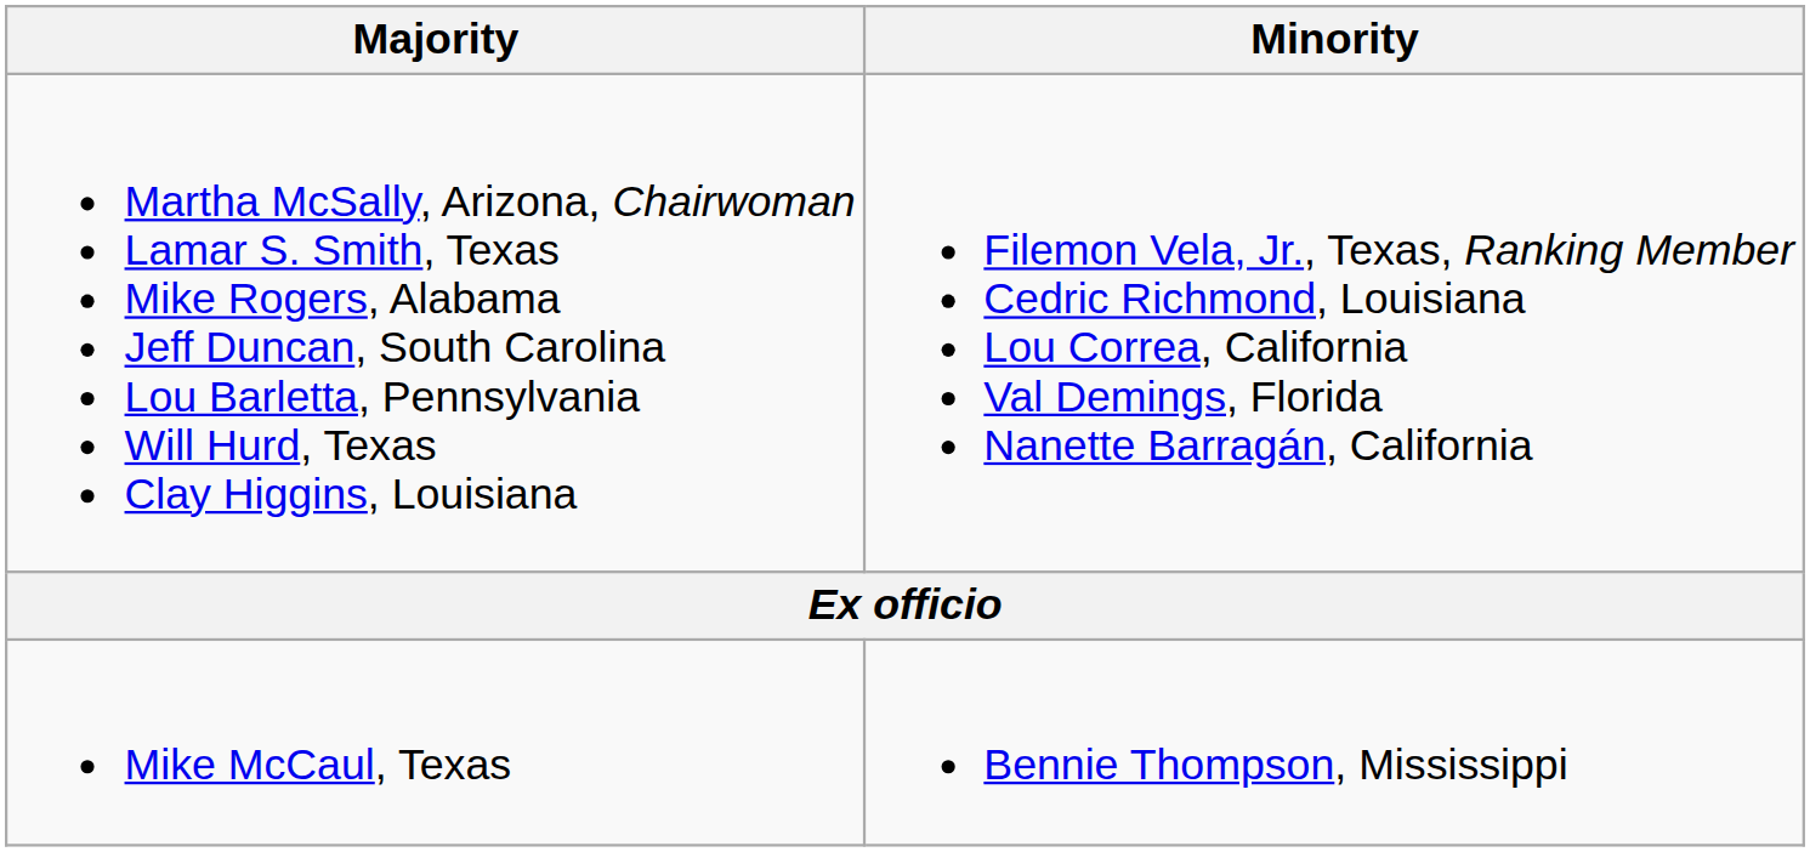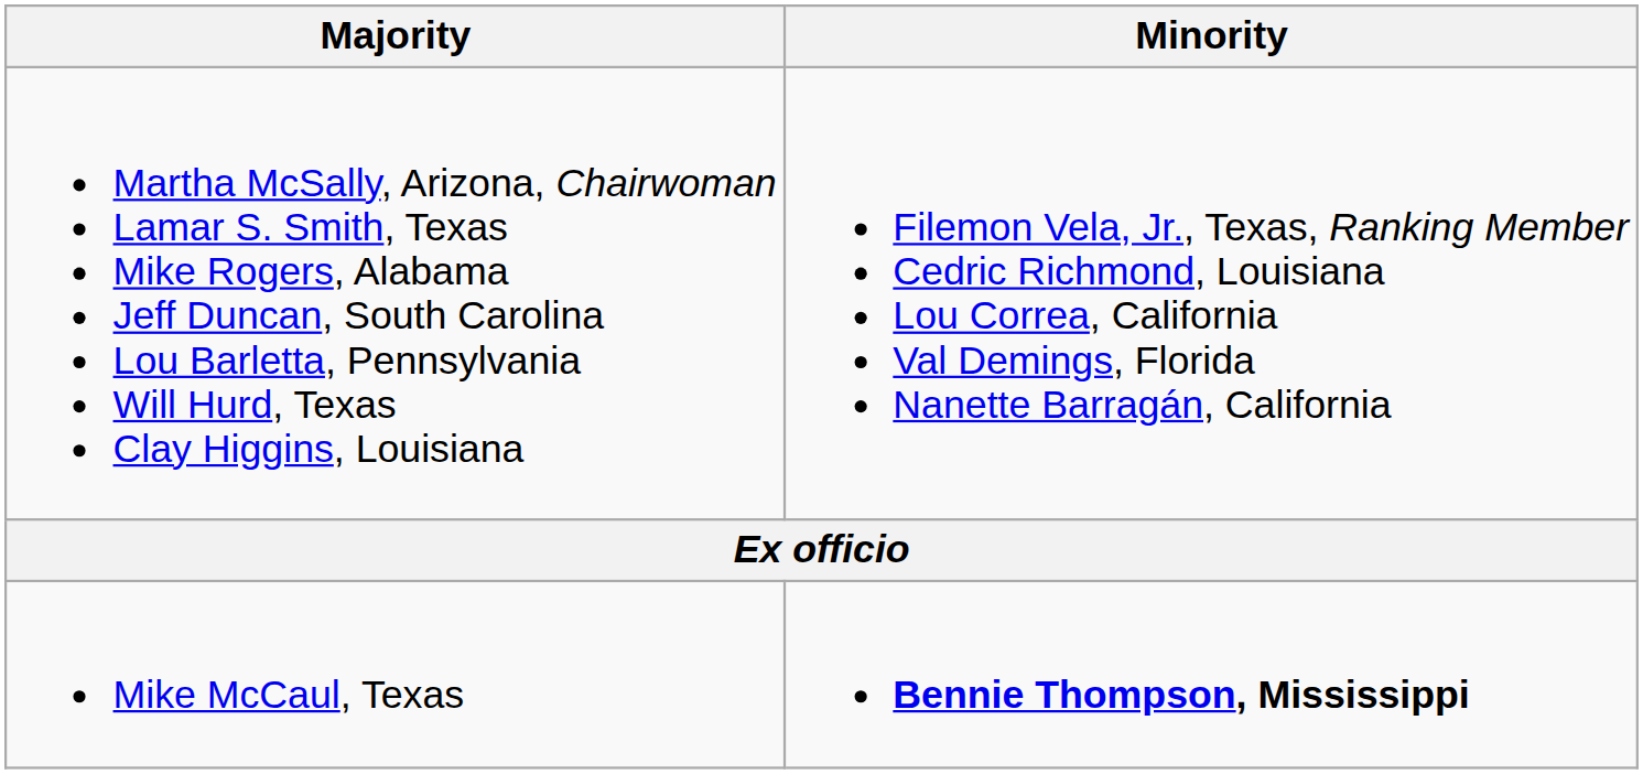 <table class="wikitable">
 <tr>
 <th>Majority</th>
 <th>Minority</th>
 </tr>
 <tr>
 <td><br><ul><li><a href='#'>Martha McSally</a>, Arizona, <em>Chairwoman</em></li><li><a href='#'>Lamar S. Smith</a>, Texas</li><li><a href='#'>Mike Rogers</a>, Alabama</li><li><a href='#'>Jeff Duncan</a>, South Carolina</li><li><a href='#'>Lou Barletta</a>, Pennsylvania</li><li><a href='#'>Will Hurd</a>, Texas</li><li><a href='#'>Clay Higgins</a>, Louisiana</li></ul></td>
 <td><br><ul><li><a href='#'>Filemon Vela, Jr.</a>, Texas, <em>Ranking Member</em></li><li><a href='#'>Cedric Richmond</a>, Louisiana</li><li><a href='#'>Lou Correa</a>, California</li><li><a href='#'>Val Demings</a>, Florida</li><li><a href='#'>Nanette Barragán</a>, California</li></ul></td>
 </tr>
 <tr>
 <th colspan="2"><em>Ex officio</em></th>
 </tr>
 <tr>
 <td><br><ul><li><a href='#'>Mike McCaul</a>, Texas</li></ul></td>
-<td><br><ul><li><a href='#'>Bennie Thompson</a>, Mississippi</li></ul></td>
+<td><strong><br><ul><li><a href='#'>Bennie Thompson</a>, Mississippi</li></ul></strong></td>
 </tr>
 </table>
